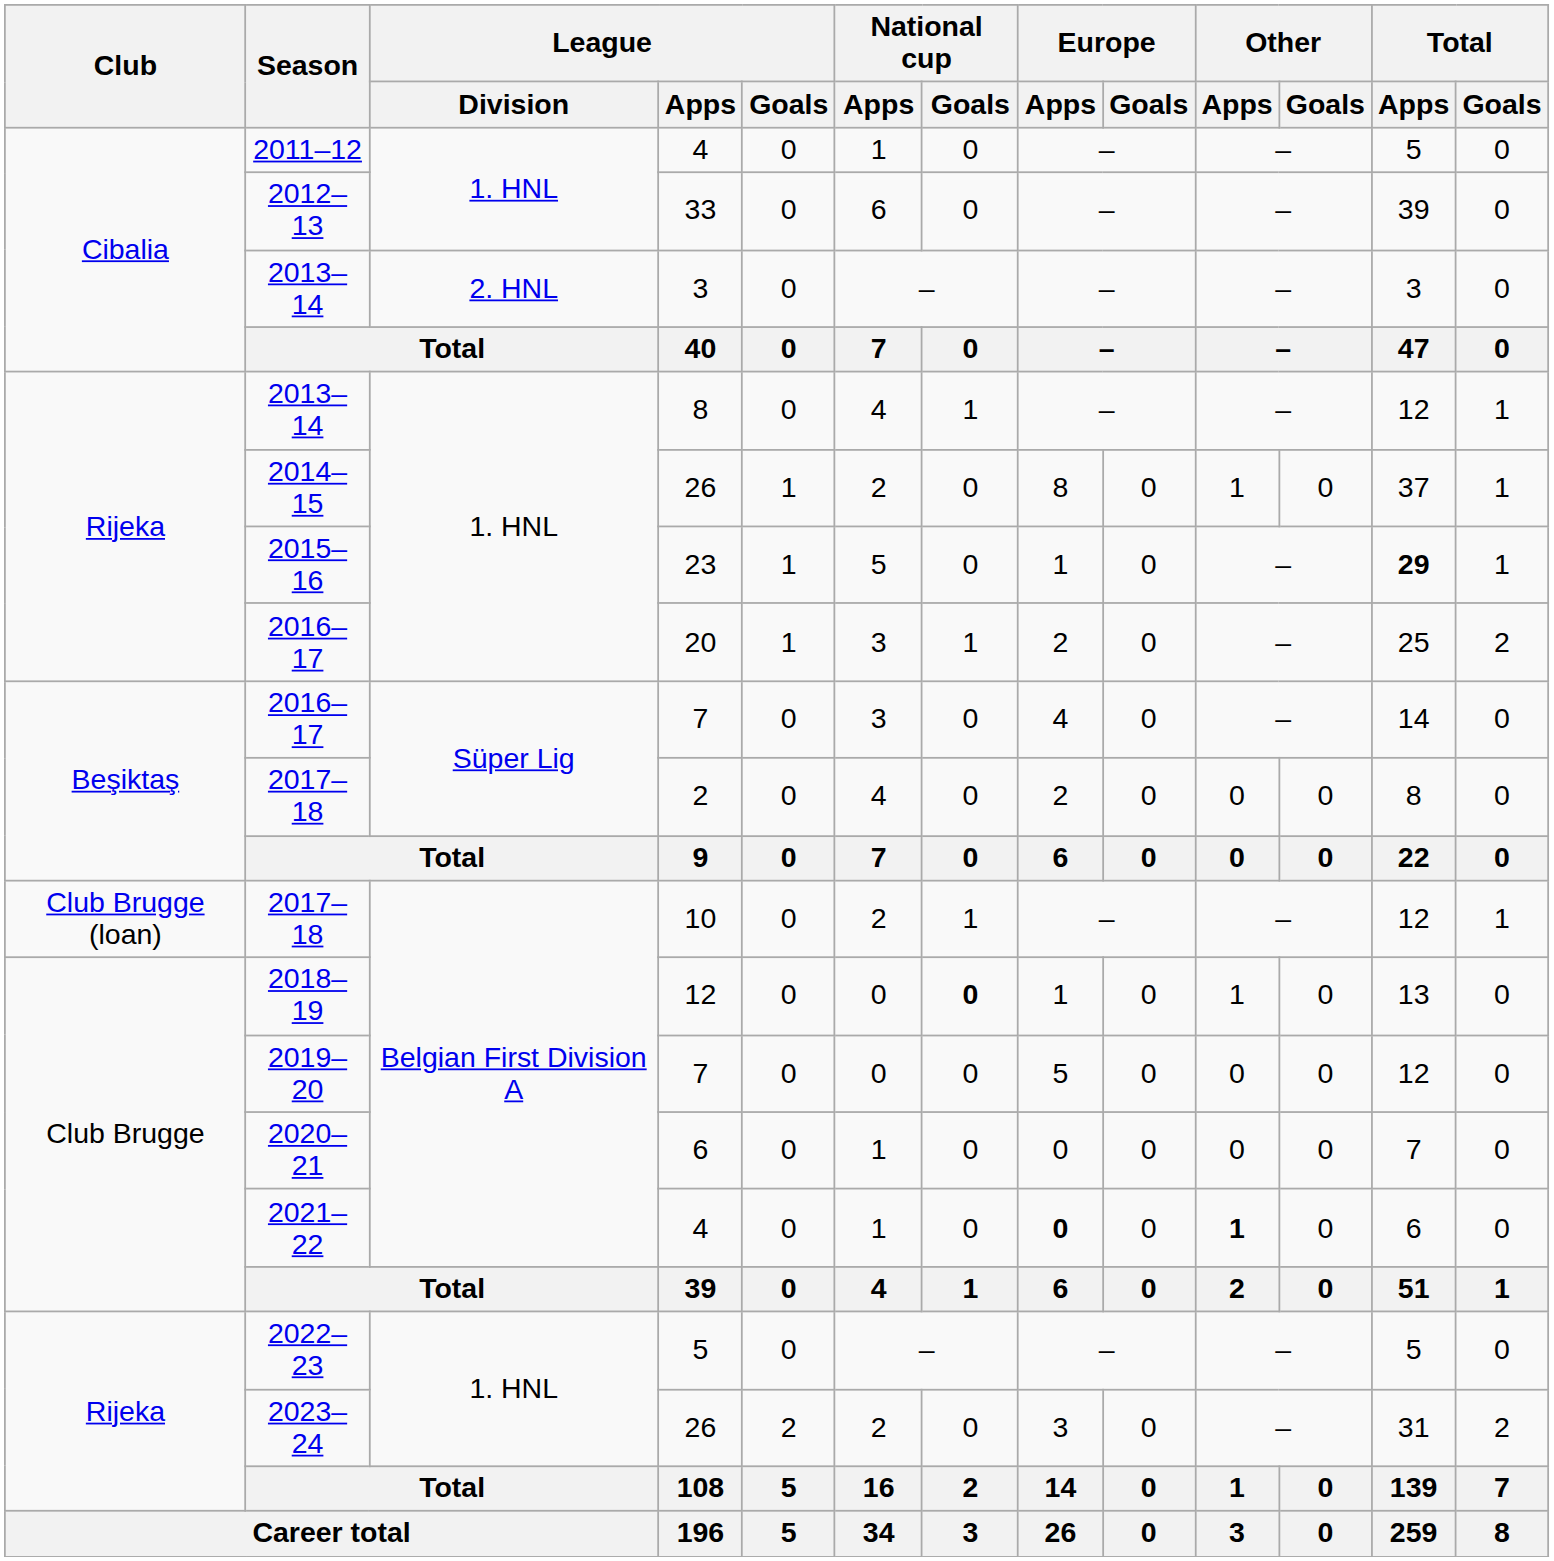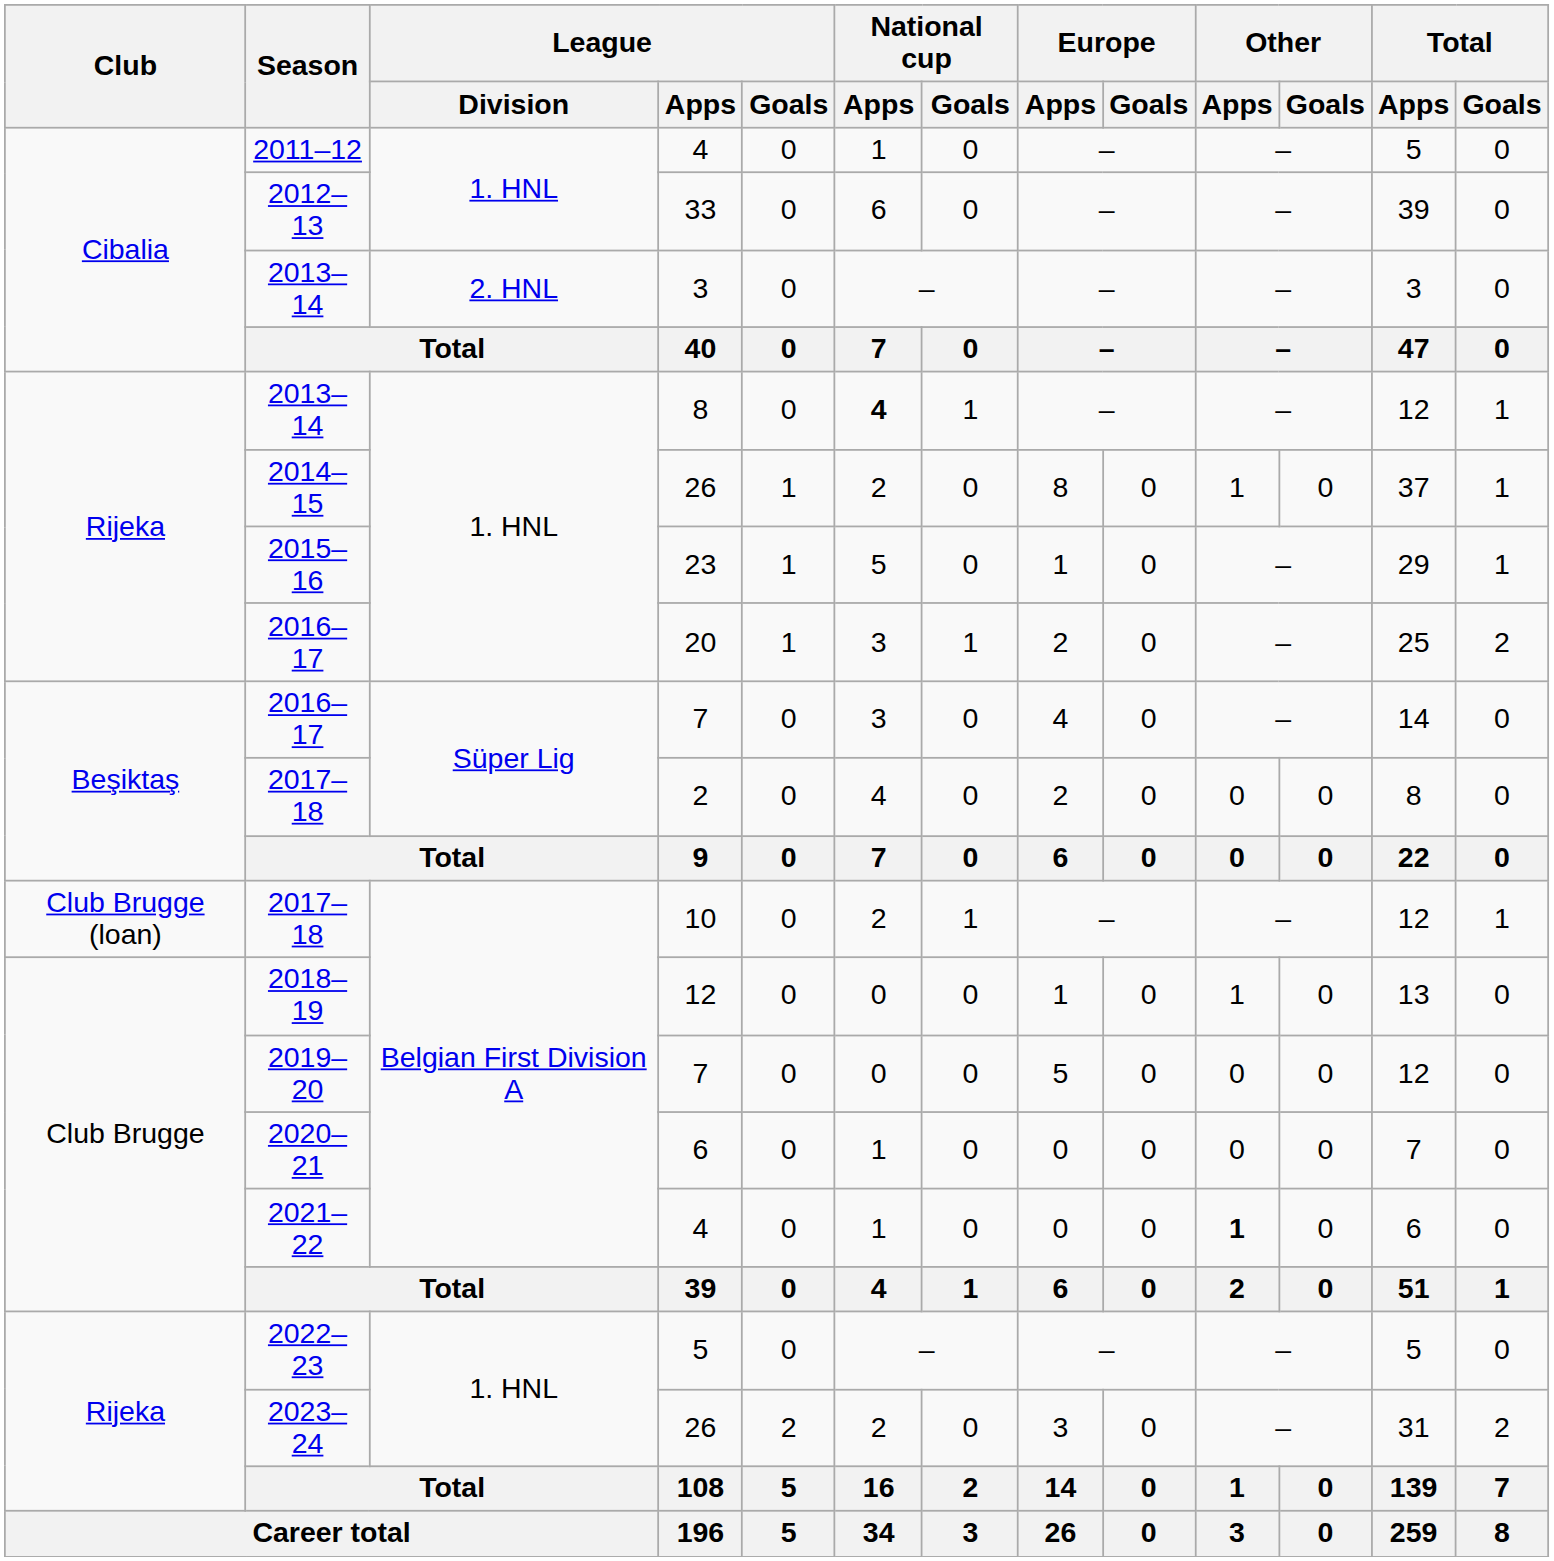 <table class=wikitable style=text-align:center>
 <tr>
 <th rowspan=2>Club</th>
 <th rowspan=2>Season</th>
 <th colspan=3>League</th>
 <th colspan=2>National cup</th>
 <th colspan=2>Europe</th>
 <th colspan=2>Other</th>
 <th colspan=2>Total</th>
 </tr>
 <tr>
 <th>Division</th>
 <th>Apps</th>
 <th>Goals</th>
 <th>Apps</th>
 <th>Goals</th>
 <th>Apps</th>
 <th>Goals</th>
 <th>Apps</th>
 <th>Goals</th>
 <th>Apps</th>
 <th>Goals</th>
 </tr>
 <tr>
 <td rowspan="4" valign="center"><a href='#'>Cibalia</a></td>
 <td><a href='#'>2011–12</a></td>
 <td rowspan="2"><a href='#'>1. HNL</a></td>
 <td>4</td>
 <td>0</td>
 <td>1</td>
 <td>0</td>
 <td colspan="2">–</td>
 <td colspan="2">–</td>
 <td>5</td>
 <td>0</td>
 </tr>
 <tr>
 <td><a href='#'>2012–13</a></td>
 <td>33</td>
 <td>0</td>
 <td>6</td>
 <td>0</td>
 <td colspan="2">–</td>
 <td colspan="2">–</td>
 <td>39</td>
 <td>0</td>
 </tr>
 <tr>
 <td><a href='#'>2013–14</a></td>
 <td><a href='#'>2. HNL</a></td>
 <td>3</td>
 <td>0</td>
 <td colspan="2">–</td>
 <td colspan="2">–</td>
 <td colspan="2">–</td>
 <td>3</td>
 <td>0</td>
 </tr>
 <tr>
 <th colspan=2>Total</th>
 <th>40</th>
 <th>0</th>
 <th>7</th>
 <th>0</th>
 <th colspan="2">–</th>
 <th colspan="2">–</th>
 <th>47</th>
 <th>0</th>
 </tr>
 <tr>
 <td rowspan="4" valign="center"><a href='#'>Rijeka</a></td>
 <td><a href='#'>2013–14</a></td>
 <td rowspan="4">1. HNL</td>
 <td>8</td>
 <td>0</td>
-<td>4</td>
+<td><strong>4</strong></td>
 <td>1</td>
 <td colspan="2">–</td>
 <td colspan="2">–</td>
 <td>12</td>
 <td>1</td>
 </tr>
 <tr>
 <td><a href='#'>2014–15</a></td>
 <td>26</td>
 <td>1</td>
 <td>2</td>
 <td>0</td>
 <td>8</td>
 <td>0</td>
 <td>1</td>
 <td>0</td>
 <td>37</td>
 <td>1</td>
 </tr>
 <tr>
 <td><a href='#'>2015–16</a></td>
 <td>23</td>
 <td>1</td>
 <td>5</td>
 <td>0</td>
 <td>1</td>
 <td>0</td>
 <td colspan="2">–</td>
-<td><strong>29</strong></td>
+<td>29</td>
 <td>1</td>
 </tr>
 <tr>
 <td><a href='#'>2016–17</a></td>
 <td>20</td>
 <td>1</td>
 <td>3</td>
 <td>1</td>
 <td>2</td>
 <td>0</td>
 <td colspan="2">–</td>
 <td>25</td>
 <td>2</td>
 </tr>
 <tr>
 <td rowspan="3" valign="center"><a href='#'>Beşiktaş</a></td>
 <td><a href='#'>2016–17</a></td>
 <td rowspan="2"><a href='#'>Süper Lig</a></td>
 <td>7</td>
 <td>0</td>
 <td>3</td>
 <td>0</td>
 <td>4</td>
 <td>0</td>
 <td colspan="2">–</td>
 <td>14</td>
 <td>0</td>
 </tr>
 <tr>
 <td><a href='#'>2017–18</a></td>
 <td>2</td>
 <td>0</td>
 <td>4</td>
 <td>0</td>
 <td>2</td>
 <td>0</td>
 <td>0</td>
 <td>0</td>
 <td>8</td>
 <td>0</td>
 </tr>
 <tr>
 <th colspan=2>Total</th>
 <th>9</th>
 <th>0</th>
 <th>7</th>
 <th>0</th>
 <th>6</th>
 <th>0</th>
 <th>0</th>
 <th>0</th>
 <th>22</th>
 <th>0</th>
 </tr>
 <tr>
 <td><a href='#'>Club Brugge</a> (loan)</td>
 <td><a href='#'>2017–18</a></td>
 <td rowspan="5"><a href='#'>Belgian First Division A</a></td>
 <td>10</td>
 <td>0</td>
 <td>2</td>
 <td>1</td>
 <td colspan="2">–</td>
 <td colspan="2">–</td>
 <td>12</td>
 <td>1</td>
 </tr>
 <tr>
 <td rowspan="5">Club Brugge</td>
 <td><a href='#'>2018–19</a></td>
 <td>12</td>
 <td>0</td>
 <td>0</td>
-<td><strong>0</strong></td>
+<td>0</td>
 <td>1</td>
 <td>0</td>
 <td>1</td>
 <td>0</td>
 <td>13</td>
 <td>0</td>
 </tr>
 <tr>
 <td><a href='#'>2019–20</a></td>
 <td>7</td>
 <td>0</td>
 <td>0</td>
 <td>0</td>
 <td>5</td>
 <td>0</td>
 <td>0</td>
 <td>0</td>
 <td>12</td>
 <td>0</td>
 </tr>
 <tr>
 <td><a href='#'>2020–21</a></td>
 <td>6</td>
 <td>0</td>
 <td>1</td>
 <td>0</td>
 <td>0</td>
 <td>0</td>
 <td>0</td>
 <td>0</td>
 <td>7</td>
 <td>0</td>
 </tr>
 <tr>
 <td><a href='#'>2021–22</a></td>
 <td>4</td>
 <td>0</td>
 <td>1</td>
 <td>0</td>
-<td><strong>0</strong></td>
+<td>0</td>
 <td>0</td>
 <td><strong>1</strong></td>
 <td>0</td>
 <td>6</td>
 <td>0</td>
 </tr>
 <tr>
 <th colspan="2">Total</th>
 <th>39</th>
 <th>0</th>
 <th>4</th>
 <th>1</th>
 <th>6</th>
 <th>0</th>
 <th>2</th>
 <th>0</th>
 <th>51</th>
 <th>1</th>
 </tr>
 <tr>
 <td rowspan="3" valign="center"><a href='#'>Rijeka</a></td>
 <td><a href='#'>2022–23</a></td>
 <td rowspan="2">1. HNL</td>
 <td>5</td>
 <td>0</td>
 <td colspan="2">–</td>
 <td colspan="2">–</td>
 <td colspan="2">–</td>
 <td>5</td>
 <td>0</td>
 </tr>
 <tr>
 <td><a href='#'>2023–24</a></td>
 <td>26</td>
 <td>2</td>
 <td>2</td>
 <td>0</td>
 <td>3</td>
 <td>0</td>
 <td colspan="2">–</td>
 <td>31</td>
 <td>2</td>
 </tr>
 <tr>
 <th colspan=2>Total</th>
 <th>108</th>
 <th>5</th>
 <th>16</th>
 <th>2</th>
 <th>14</th>
 <th>0</th>
 <th>1</th>
 <th>0</th>
 <th>139</th>
 <th>7</th>
 </tr>
 <tr>
 <th colspan="3">Career total</th>
 <th>196</th>
 <th>5</th>
 <th>34</th>
 <th>3</th>
 <th>26</th>
 <th>0</th>
 <th>3</th>
 <th>0</th>
 <th>259</th>
 <th>8</th>
 </tr>
 <tr>
 </tr>
 </table>
